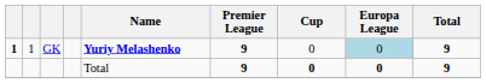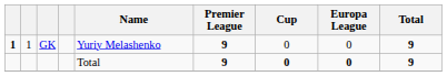 <table class="wikitable" style="text-align:center">
 <tr>
 <th width=15></th>
 <th width=15></th>
 <th width=15></th>
 <th width=15></th>
 <th width=160>Name</th>
 <th width=80><strong>Premier League</strong></th>
 <th width=80><strong>Cup</strong></th>
 <th width=80><strong>Europa League</strong></th>
 <th width=80>Total</th>
 </tr>
 <tr>
 <td><strong>1</strong></td>
 <td>1</td>
 <td><a href='#'>GK</a></td>
 <td></td>
-<td align=left><strong><a href='#'>Yuriy Melashenko</a></strong></td>
+<td align=left><a href='#'>Yuriy Melashenko</a></td>
 <td><strong>9</strong></td>
 <td>0</td>
-<td style="background: lightblue;">0</td>
+<td>0</td>
 <td><strong>9</strong></td>
 </tr>
 <tr>
 <td></td>
 <td></td>
 <td></td>
 <td></td>
 <td align=left>Total</td>
 <td><strong>9</strong></td>
 <td><strong>0</strong></td>
 <td><strong>0</strong></td>
 <td><strong>9</strong></td>
 </tr>
 <tr>
 </tr>
 </table>
